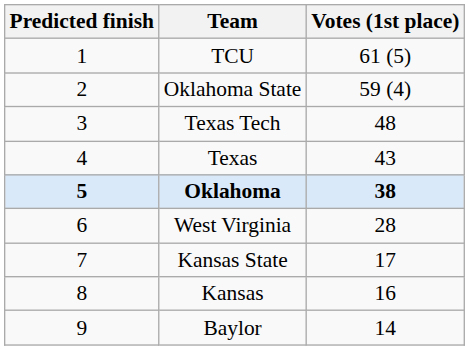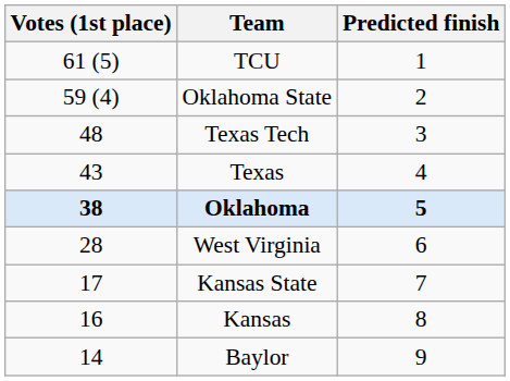 <table class="wikitable sortable">
 <tr>
+<th style="text-align:center; ">Votes (1st place)</th>
+<th style="text-align:center; ">Team</th>
 <th style="text-align:center; ">Predicted finish</th>
-<th style="text-align:center; ">Team</th>
-<th style="text-align:center; ">Votes (1st place)</th>
 </tr>
 <tr align="center">
+<td>61 (5)</td>
+<td>TCU</td>
 <td>1</td>
-<td>TCU</td>
-<td>61 (5)</td>
 </tr>
 <tr align="center">
+<td>59 (4)</td>
+<td>Oklahoma State</td>
 <td>2</td>
-<td>Oklahoma State</td>
-<td>59 (4)</td>
 </tr>
 <tr align="center">
+<td>48</td>
+<td>Texas Tech</td>
 <td>3</td>
-<td>Texas Tech</td>
-<td>48</td>
 </tr>
 <tr align="center">
+<td>43</td>
+<td>Texas</td>
 <td>4</td>
-<td>Texas</td>
-<td>43</td>
 </tr>
 <tr style="background-color: #d9e9f9"; align="center">
+<td><strong>38</strong></td>
+<td><strong>Oklahoma</strong></td>
 <td><strong>5</strong></td>
-<td><strong>Oklahoma</strong></td>
-<td><strong>38</strong></td>
 </tr>
 <tr align="center">
+<td>28</td>
+<td>West Virginia</td>
 <td>6</td>
-<td>West Virginia</td>
-<td>28</td>
 </tr>
 <tr align="center">
+<td>17</td>
+<td>Kansas State</td>
 <td>7</td>
-<td>Kansas State</td>
-<td>17</td>
 </tr>
 <tr align="center">
+<td>16</td>
+<td>Kansas</td>
 <td>8</td>
-<td>Kansas</td>
-<td>16</td>
 </tr>
 <tr align="center">
+<td>14</td>
+<td>Baylor</td>
 <td>9</td>
-<td>Baylor</td>
-<td>14</td>
 </tr>
 </table>
